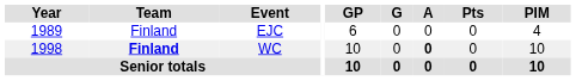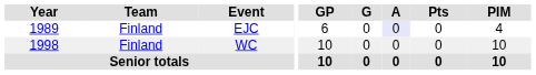 <table border="0" cellpadding="1" cellspacing="0" ID="Table3" style="text-align:center; width:40em">
 <tr ALIGN="center" bgcolor="#e0e0e0">
 <th>Year</th>
 <th>Team</th>
 <th>Event</th>
 <th rowspan="99" bgcolor="#ffffff"></th>
 <th>GP</th>
 <th>G</th>
 <th>A</th>
 <th>Pts</th>
 <th>PIM</th>
 </tr>
 <tr>
 <td><a href='#'>1989</a></td>
 <td><a href='#'>Finland</a></td>
 <td><a href='#'>EJC</a></td>
 <td>6</td>
 <td>0</td>
-<td>0</td>
+<td style="background: lavender;">0</td>
 <td>0</td>
 <td>4</td>
 </tr>
 <tr bgcolor="f0f0f0">
 <td><a href='#'>1998</a></td>
-<td><strong><a href='#'>Finland</a></strong></td>
+<td><a href='#'>Finland</a></td>
 <td><a href='#'>WC</a></td>
 <td>10</td>
 <td>0</td>
-<td><strong>0</strong></td>
+<td>0</td>
 <td>0</td>
 <td>10</td>
 </tr>
 <tr bgcolor="#e0e0e0">
 <th colspan="3">Senior totals</th>
 <th>10</th>
 <th>0</th>
 <th>0</th>
 <th>0</th>
 <th>10</th>
 </tr>
 </table>
